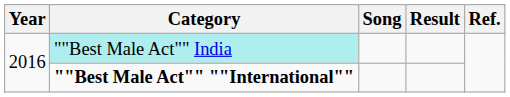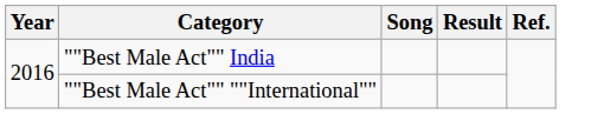 <table class="wikitable">
 <tr ---- bgcolor="#ebf5ff">
 <th>Year</th>
 <th>Category</th>
 <th>Song</th>
 <th>Result</th>
 <th>Ref.</th>
 </tr>
 <tr>
 <td rowspan="2">2016</td>
-<td style="background: paleturquoise;">""Best Male Act"" <a href='#'>India</a></td>
+<td>""Best Male Act"" <a href='#'>India</a></td>
 <td></td>
 <td></td>
 <td rowspan="2"></td>
 </tr>
 <tr>
-<td><strong>""Best Male Act"" ""International""</strong></td>
+<td>""Best Male Act"" ""International""</td>
 <td></td>
 <td></td>
 </tr>
 </table>
